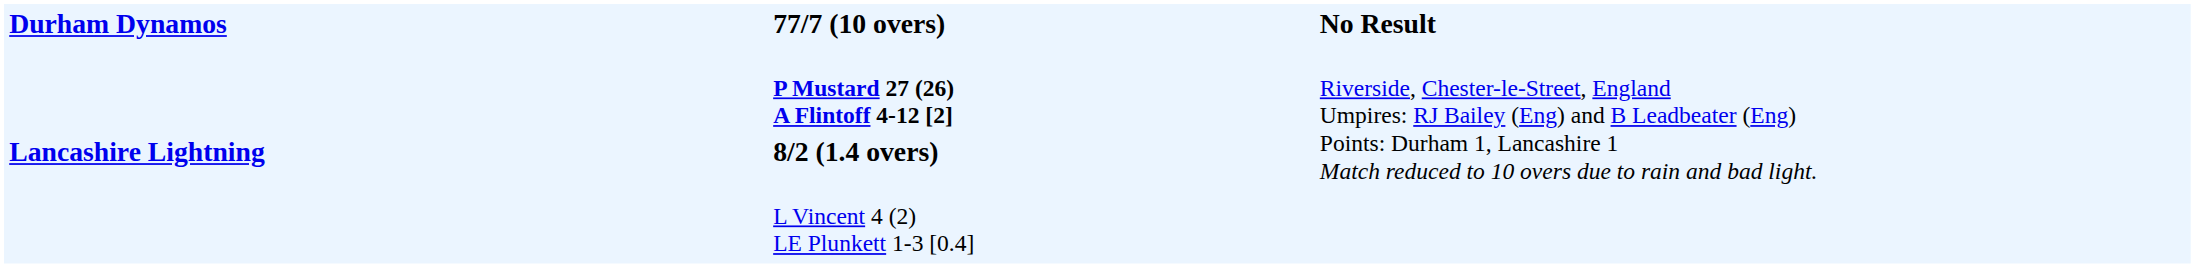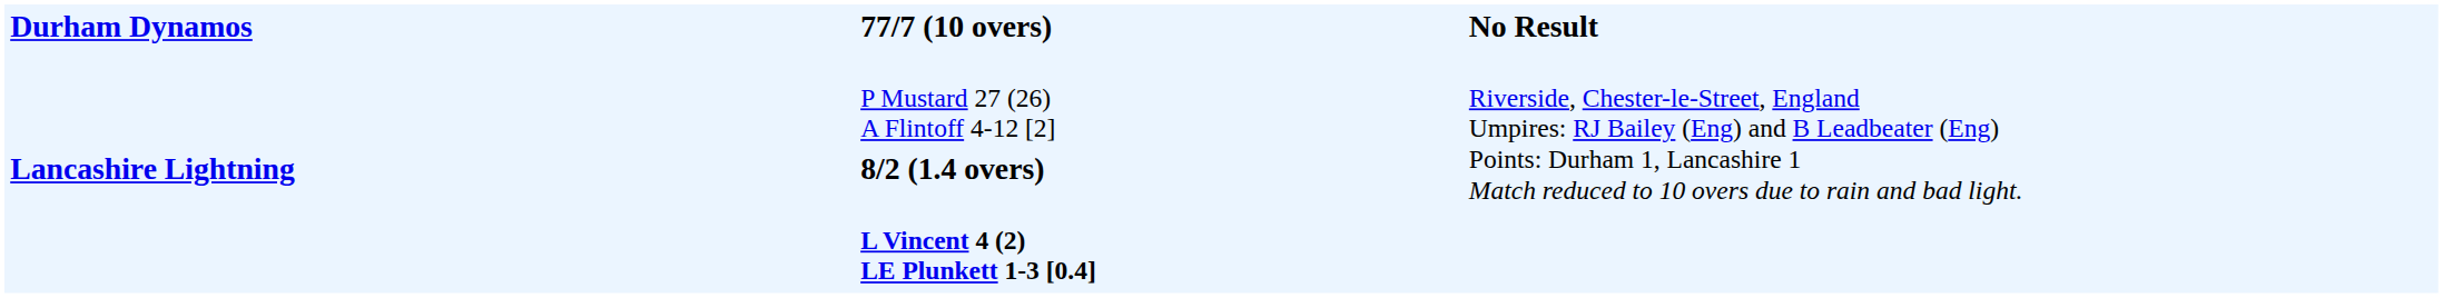 <table style="width:100%; background:#ebf5ff;">
 <tr>
 <td style="width:35%; vertical-align:top;" rowspan="2"><strong><a href='#'>Durham Dynamos</a></strong></td>
 <td style="width:25%;"><strong>77/7 (10 overs)</strong></td>
 <td style="width:40%;"><strong>No Result</strong></td>
 </tr>
 <tr>
-<td style="font-size: 85%;"><strong><br><a href='#'>P Mustard</a> 27 (26)<br> <a href='#'>A Flintoff</a> 4-12 [2]</strong></td>
+<td style="font-size: 85%;"><br><a href='#'>P Mustard</a> 27 (26)<br> <a href='#'>A Flintoff</a> 4-12 [2]</td>
 <td style="vertical-align:top; font-size:85%;" rowspan="3"><br><a href='#'>Riverside</a>, <a href='#'>Chester-le-Street</a>, <a href='#'>England</a><br> Umpires: <a href='#'>RJ Bailey</a> (<a href='#'>Eng</a>) and <a href='#'>B Leadbeater</a> (<a href='#'>Eng</a>)<br> Points: Durham 1, Lancashire 1<br><em>Match reduced to 10 overs due to rain and bad light.</em></td>
 </tr>
 <tr>
 <td style="vertical-align:top;" rowspan="2"><strong><a href='#'>Lancashire Lightning</a></strong></td>
 <td><strong>8/2 (1.4 overs)</strong></td>
 </tr>
 <tr>
-<td style="font-size: 85%;"><br><a href='#'>L Vincent</a> 4 (2)<br> <a href='#'>LE Plunkett</a> 1-3 [0.4]</td>
+<td style="font-size: 85%;"><strong><br><a href='#'>L Vincent</a> 4 (2)<br> <a href='#'>LE Plunkett</a> 1-3 [0.4]</strong></td>
 </tr>
 </table>
